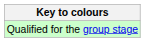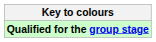 <table class="wikitable">
 <tr>
 <th>Key to colours</th>
 </tr>
 <tr bgcolor=#ccffcc>
-<td>Qualified for the <a href='#'>group stage</a></td>
+<td><strong>Qualified for the <a href='#'>group stage</a></strong></td>
 </tr>
 </table>
